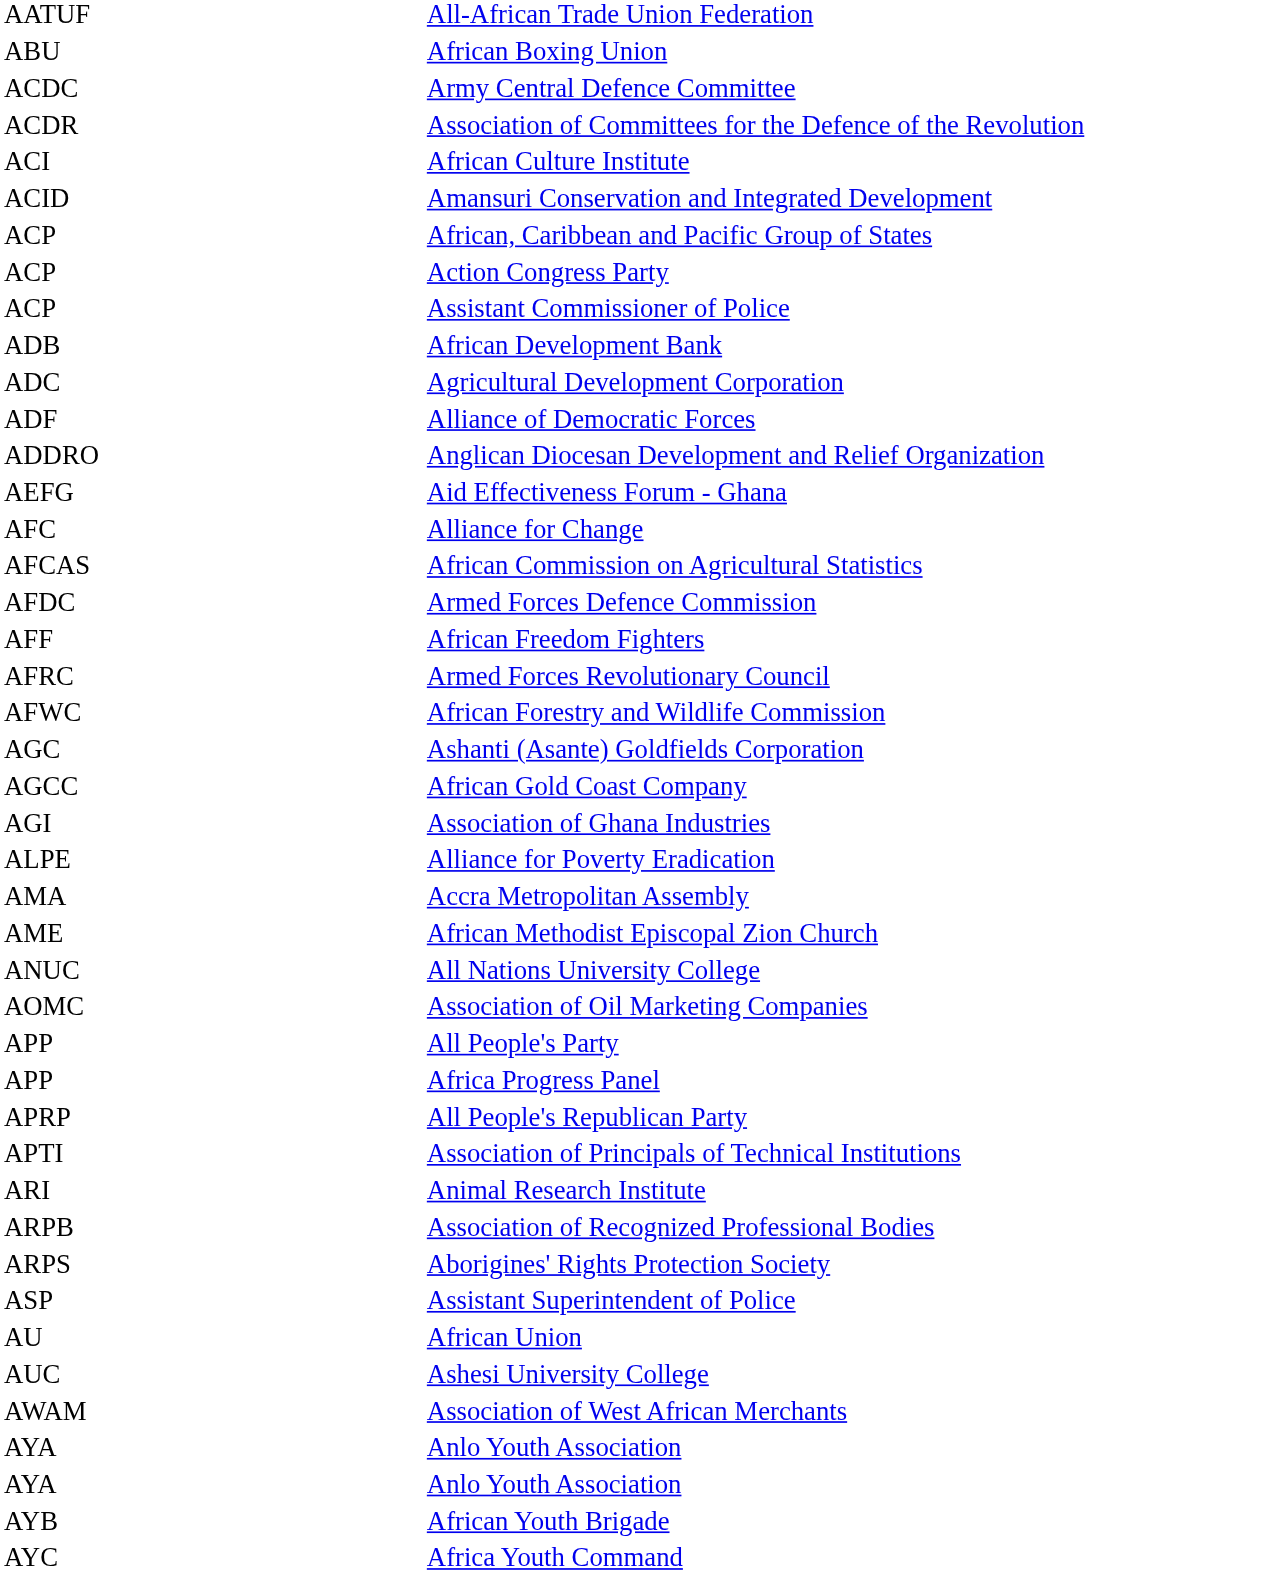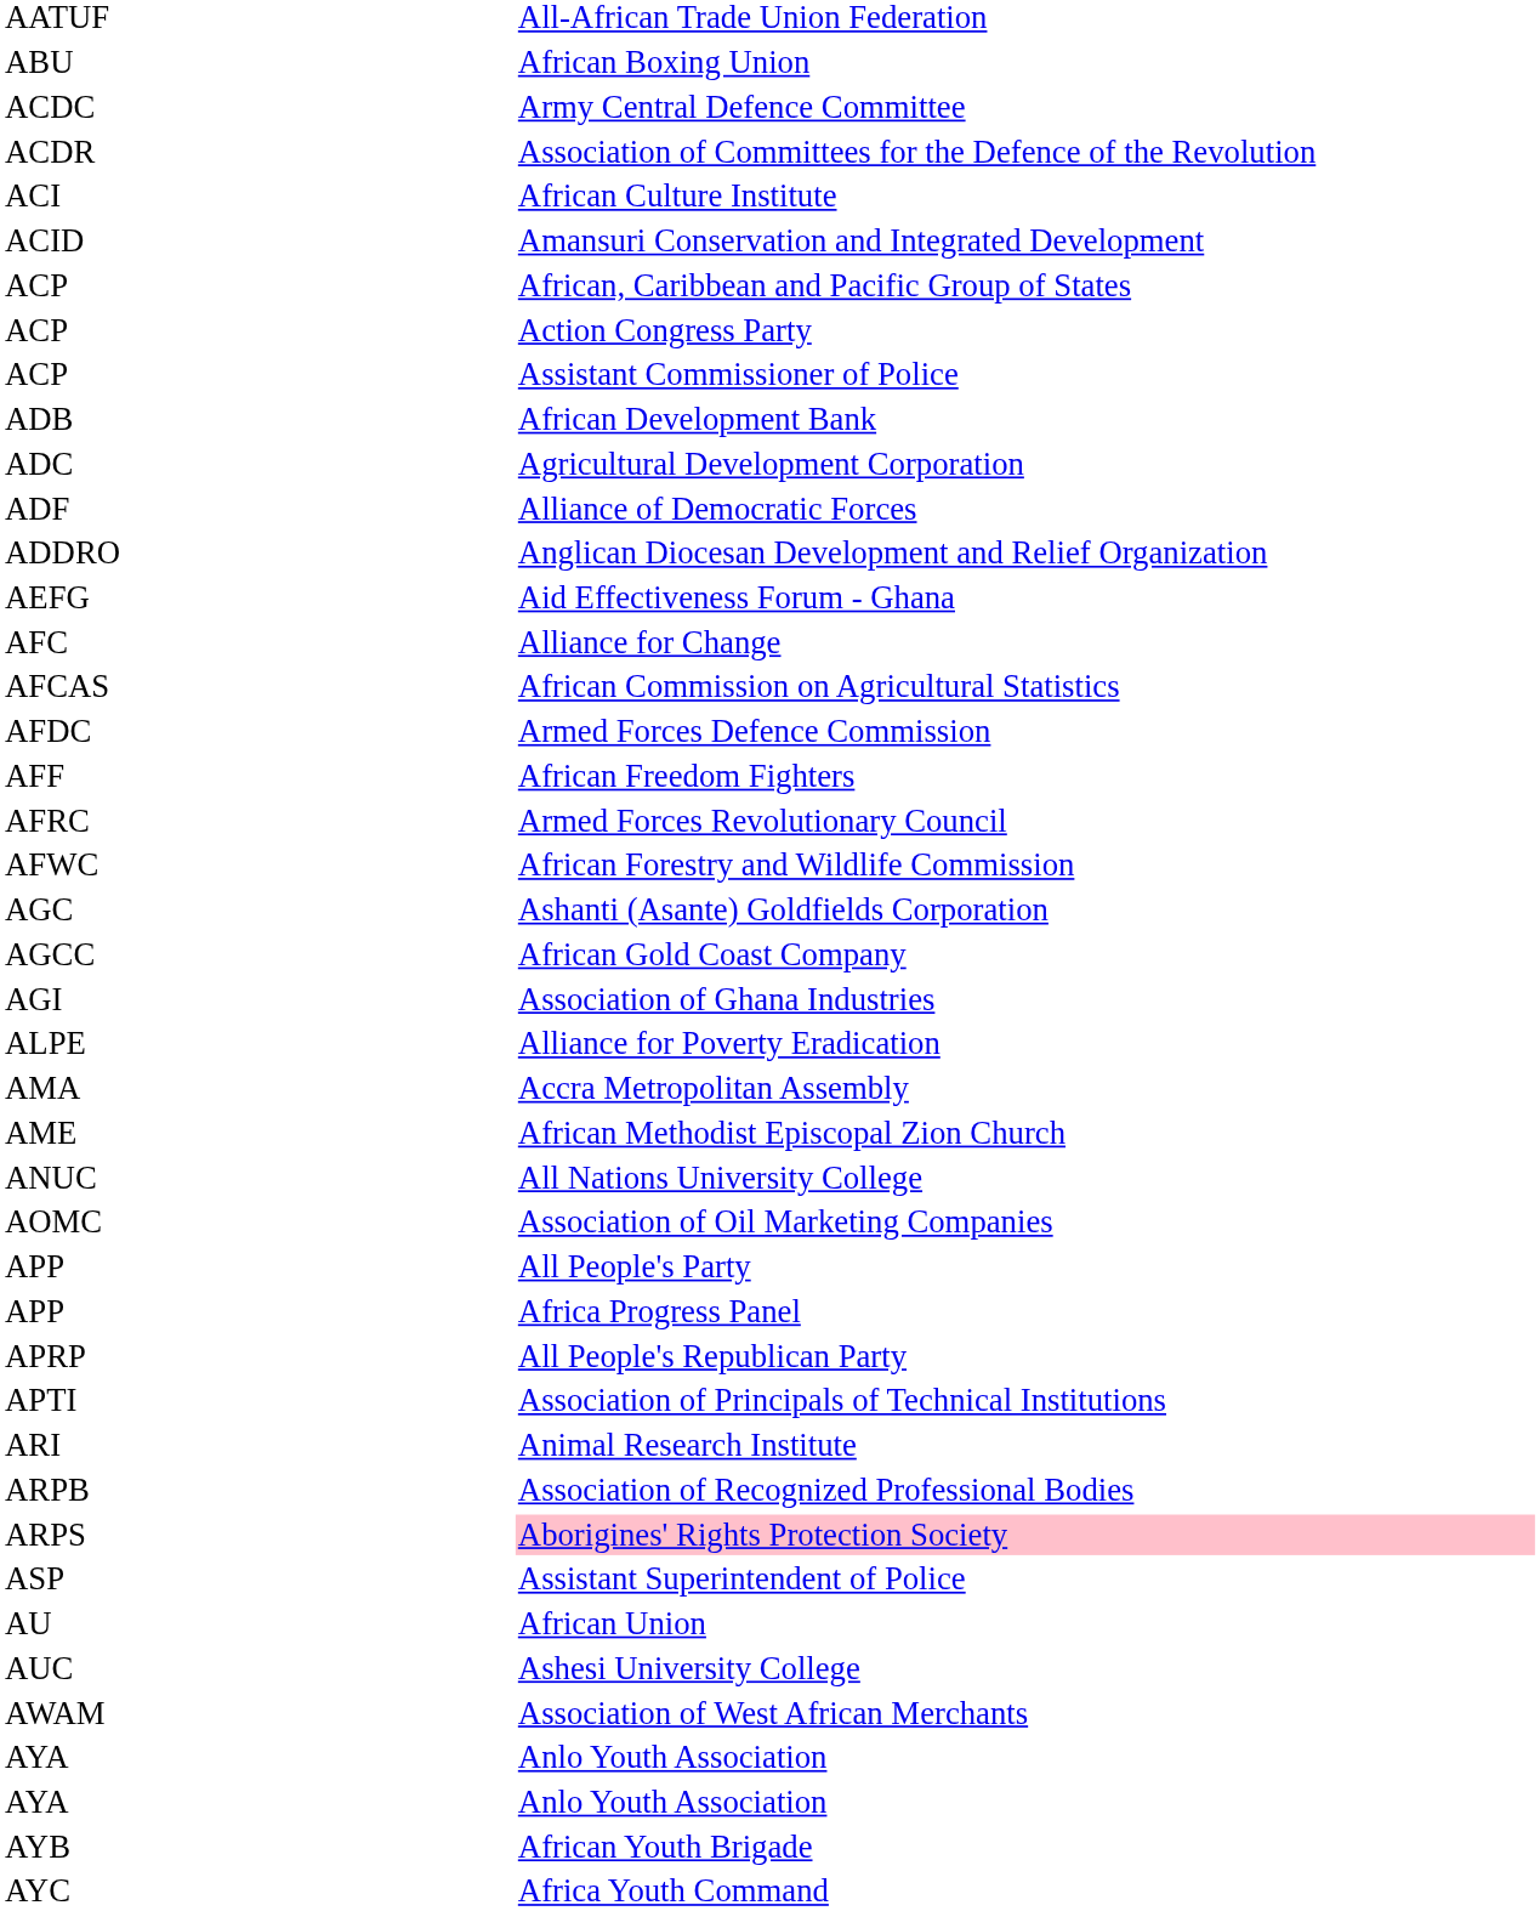 <table width="100%" style="text-verticalalign:top">
 <tr>
 <td width="20%">AATUF</td>
 <td width="40%"><a href='#'>All-African Trade Union Federation</a></td>
 <td width="40%"></td>
 </tr>
 <tr>
 <td>ABU</td>
 <td><a href='#'>African Boxing Union</a></td>
 <td></td>
 </tr>
 <tr>
 <td>ACDC</td>
 <td><a href='#'>Army Central Defence Committee</a></td>
 <td></td>
 </tr>
 <tr>
 <td>ACDR</td>
 <td><a href='#'>Association of Committees for the Defence of the Revolution</a></td>
 <td></td>
 </tr>
 <tr>
 <td>ACI</td>
 <td><a href='#'>African Culture Institute</a></td>
 <td></td>
 </tr>
 <tr>
 <td>ACID</td>
 <td><a href='#'>Amansuri Conservation and Integrated Development</a></td>
 <td></td>
 </tr>
 <tr>
 <td>ACP</td>
 <td><a href='#'>African, Caribbean and Pacific Group of States</a></td>
 <td></td>
 </tr>
 <tr>
 <td>ACP</td>
 <td><a href='#'>Action Congress Party</a></td>
 <td></td>
 </tr>
 <tr>
 <td>ACP</td>
 <td><a href='#'>Assistant Commissioner of Police</a></td>
 <td></td>
 </tr>
 <tr>
 <td>ADB</td>
 <td><a href='#'>African Development Bank</a></td>
 <td></td>
 </tr>
 <tr>
 <td>ADC</td>
 <td><a href='#'>Agricultural Development Corporation</a></td>
 <td></td>
 </tr>
 <tr>
 <td>ADF</td>
 <td><a href='#'>Alliance of Democratic Forces</a></td>
 <td></td>
 </tr>
 <tr>
 <td>ADDRO</td>
 <td><a href='#'>Anglican Diocesan Development and Relief Organization</a></td>
 <td></td>
 </tr>
 <tr>
 <td>AEFG</td>
 <td><a href='#'>Aid Effectiveness Forum - Ghana</a></td>
 <td></td>
 </tr>
 <tr>
 <td>AFC</td>
 <td><a href='#'>Alliance for Change</a></td>
 <td></td>
 </tr>
 <tr>
 <td>AFCAS</td>
 <td><a href='#'>African Commission on Agricultural Statistics</a></td>
 <td></td>
 </tr>
 <tr>
 <td>AFDC</td>
 <td><a href='#'>Armed Forces Defence Commission</a></td>
 <td></td>
 </tr>
 <tr>
 <td>AFF</td>
 <td><a href='#'>African Freedom Fighters</a></td>
 <td></td>
 </tr>
 <tr>
 <td>AFRC</td>
 <td><a href='#'>Armed Forces Revolutionary Council</a></td>
 <td></td>
 </tr>
 <tr>
 <td>AFWC</td>
 <td><a href='#'>African Forestry and Wildlife Commission</a></td>
 <td></td>
 </tr>
 <tr>
 <td>AGC</td>
 <td><a href='#'>Ashanti (Asante) Goldfields Corporation</a></td>
 <td></td>
 </tr>
 <tr>
 <td>AGCC</td>
 <td><a href='#'>African Gold Coast Company</a></td>
 <td></td>
 </tr>
 <tr>
 <td>AGI</td>
 <td><a href='#'>Association of Ghana Industries</a></td>
 <td></td>
 </tr>
 <tr>
 <td>ALPE</td>
 <td><a href='#'>Alliance for Poverty Eradication</a></td>
 <td></td>
 </tr>
 <tr>
 <td>AMA</td>
 <td><a href='#'>Accra Metropolitan Assembly</a></td>
 <td></td>
 </tr>
 <tr>
 <td>AME</td>
 <td><a href='#'>African Methodist Episcopal Zion Church</a></td>
 <td></td>
 </tr>
 <tr>
 <td>ANUC</td>
 <td><a href='#'>All Nations University College</a></td>
 <td></td>
 </tr>
 <tr>
 <td>AOMC</td>
 <td><a href='#'>Association of Oil Marketing Companies</a></td>
 <td></td>
 </tr>
 <tr>
 <td>APP</td>
 <td><a href='#'>All People's Party</a></td>
 <td></td>
 </tr>
 <tr>
 <td>APP</td>
 <td><a href='#'>Africa Progress Panel</a></td>
 <td></td>
 </tr>
 <tr>
 <td>APRP</td>
 <td><a href='#'>All People's Republican Party</a></td>
 <td></td>
 </tr>
 <tr>
 <td>APTI</td>
 <td><a href='#'>Association of Principals of Technical Institutions</a></td>
 <td></td>
 </tr>
 <tr>
 <td>ARI</td>
 <td><a href='#'>Animal Research Institute</a></td>
 <td></td>
 </tr>
 <tr>
 <td>ARPB</td>
 <td><a href='#'>Association of Recognized Professional Bodies</a></td>
 <td></td>
 </tr>
 <tr>
 <td>ARPS</td>
-<td><a href='#'>Aborigines' Rights Protection Society</a></td>
+<td style="background: pink;"><a href='#'>Aborigines' Rights Protection Society</a></td>
 <td></td>
 </tr>
 <tr>
 <td>ASP</td>
 <td><a href='#'>Assistant Superintendent of Police</a></td>
 <td></td>
 </tr>
 <tr>
 <td>AU</td>
 <td><a href='#'>African Union</a></td>
 <td></td>
 </tr>
 <tr>
 <td>AUC</td>
 <td><a href='#'>Ashesi University College</a></td>
 <td></td>
 </tr>
 <tr>
 <td>AWAM</td>
 <td><a href='#'>Association of West African Merchants</a></td>
 <td></td>
 </tr>
 <tr>
 <td>AYA</td>
 <td><a href='#'>Anlo Youth Association</a></td>
 <td></td>
 </tr>
 <tr>
 <td>AYA</td>
 <td><a href='#'>Anlo Youth Association</a></td>
 <td></td>
 </tr>
 <tr>
 <td>AYB</td>
 <td><a href='#'>African Youth Brigade</a></td>
 <td></td>
 </tr>
 <tr>
 <td>AYC</td>
 <td><a href='#'>Africa Youth Command</a></td>
 <td></td>
 </tr>
 </table>
